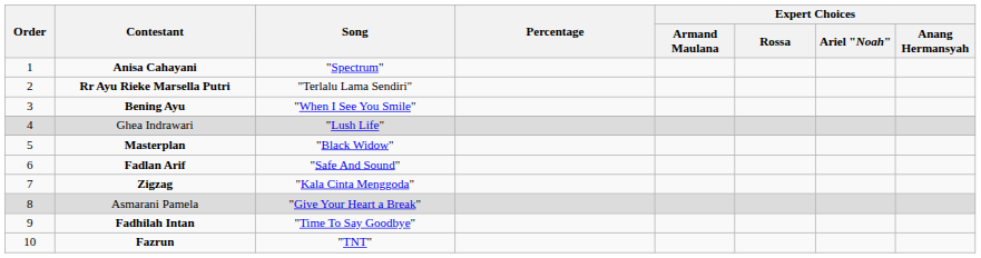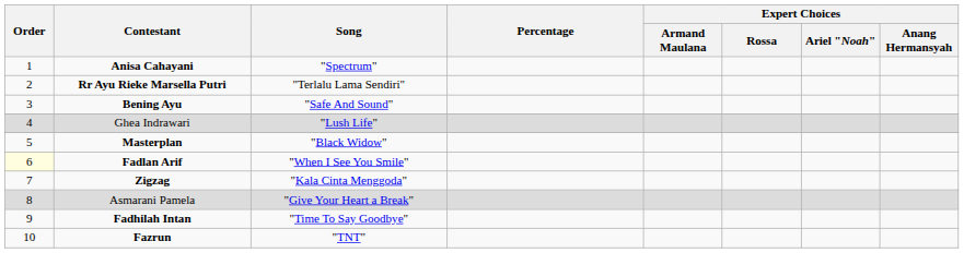 <table class="wikitable" style="text-align:center; width:100%;">
 <tr>
 <th scope="col" rowspan="2" style="width:05%;">Order</th>
 <th scope="col" rowspan="2" style="width:20%;">Contestant</th>
 <th scope="col" rowspan="2" style="width:20%;">Song</th>
 <th scope="col" rowspan="2" style="width:20%;">Percentage</th>
 <th scope="col" colspan="4" style="width:32%;">Expert Choices</th>
 </tr>
 <tr>
 <th style="width:08%;">Armand Maulana</th>
 <th style="width:08%;">Rossa</th>
 <th style="width:08%;">Ariel "<em>Noah</em>"</th>
 <th style="width:08%;">Anang Hermansyah</th>
 </tr>
 <tr>
 <td>1</td>
 <td><strong>Anisa Cahayani</strong></td>
 <td>"<a href='#'>Spectrum</a>"</td>
 <td></td>
 <td></td>
 <td></td>
 <td></td>
 <td></td>
 </tr>
 <tr>
 <td>2</td>
 <td><strong>Rr Ayu Rieke Marsella Putri</strong></td>
 <td>"Terlalu Lama Sendiri"</td>
 <td></td>
 <td></td>
 <td></td>
 <td></td>
 <td></td>
 </tr>
 <tr>
 <td>3</td>
 <td><strong>Bening Ayu</strong></td>
-<td>"<a href='#'>When I See You Smile</a>"</td>
+<td>"<a href='#'>Safe And Sound</a>"</td>
 <td></td>
 <td></td>
 <td></td>
 <td></td>
 <td></td>
 </tr>
 <tr style="background:#DCDCDC;">
 <td>4</td>
 <td>Ghea Indrawari</td>
 <td>"<a href='#'>Lush Life</a>"</td>
 <td></td>
 <td></td>
 <td></td>
 <td></td>
 <td></td>
 </tr>
 <tr>
 <td>5</td>
 <td><strong>Masterplan</strong></td>
 <td>"<a href='#'>Black Widow</a>"</td>
 <td></td>
 <td></td>
 <td></td>
 <td></td>
 <td></td>
 </tr>
 <tr>
-<td>6</td>
+<td style="background: lightyellow;">6</td>
 <td><strong>Fadlan Arif</strong></td>
-<td>"<a href='#'>Safe And Sound</a>"</td>
+<td>"<a href='#'>When I See You Smile</a>"</td>
 <td></td>
 <td></td>
 <td></td>
 <td></td>
 <td></td>
 </tr>
 <tr>
 <td>7</td>
 <td><strong>Zigzag</strong></td>
 <td>"<a href='#'>Kala Cinta Menggoda</a>"</td>
 <td></td>
 <td></td>
 <td></td>
 <td></td>
 <td></td>
 </tr>
 <tr style="background:#DCDCDC;">
 <td>8</td>
 <td>Asmarani Pamela</td>
 <td>"<a href='#'>Give Your Heart a Break</a>"</td>
 <td></td>
 <td></td>
 <td></td>
 <td></td>
 <td></td>
 </tr>
 <tr>
 <td>9</td>
 <td><strong>Fadhilah Intan</strong></td>
 <td>"<a href='#'>Time To Say Goodbye</a>"</td>
 <td></td>
 <td></td>
 <td></td>
 <td></td>
 <td></td>
 </tr>
 <tr>
 <td>10</td>
 <td><strong>Fazrun</strong></td>
 <td>"<a href='#'>TNT</a>"</td>
 <td></td>
 <td></td>
 <td></td>
 <td></td>
 <td></td>
 </tr>
 </table>
